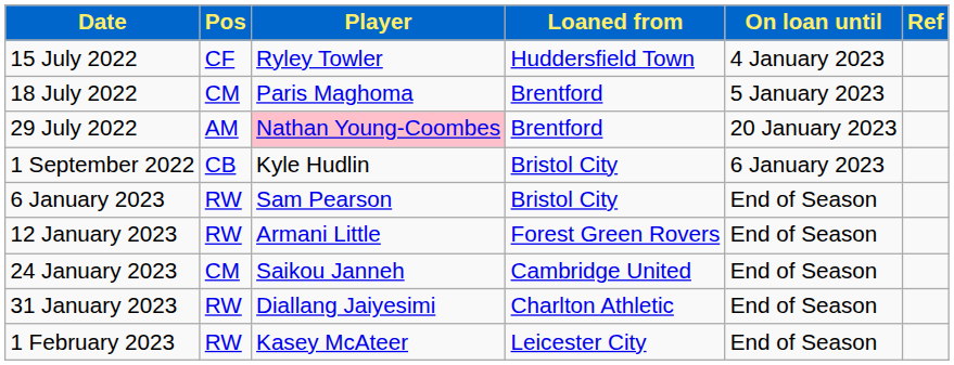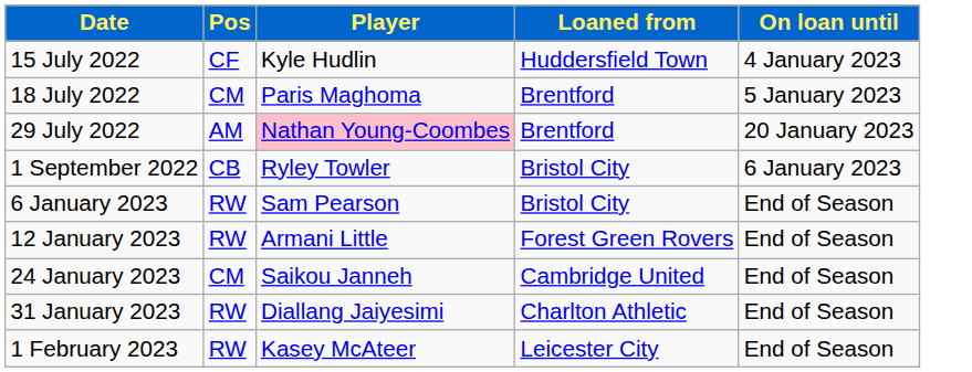 <table class="wikitable plainrowheaders sortable">
 <tr>
 <th style="background:#0066cb; color:#ffee66; ">Date</th>
 <th style="background:#0066cb; color:#ffee66; ">Pos</th>
 <th style="background:#0066cb; color:#ffee66; ">Player</th>
 <th style="background:#0066cb; color:#ffee66; ">Loaned from</th>
 <th style="background:#0066cb; color:#ffee66; ">On loan until</th>
-<th style="background:#0066cb; color:#ffee66; ">Ref</th>
 </tr>
 <tr>
 <td>15 July 2022</td>
 <td><a href='#'>CF</a></td>
-<td> <a href='#'>Ryley Towler</a></td>
+<td> Kyle Hudlin</td>
 <td> <a href='#'>Huddersfield Town</a></td>
 <td>4 January 2023</td>
-<td></td>
 </tr>
 <tr>
 <td>18 July 2022</td>
 <td><a href='#'>CM</a></td>
 <td> <a href='#'>Paris Maghoma</a></td>
 <td> <a href='#'>Brentford</a></td>
 <td>5 January 2023</td>
-<td></td>
 </tr>
 <tr>
 <td>29 July 2022</td>
 <td><a href='#'>AM</a></td>
 <td style="background: pink;"> <a href='#'>Nathan Young-Coombes</a></td>
 <td> <a href='#'>Brentford</a></td>
 <td>20 January 2023</td>
-<td></td>
 </tr>
 <tr>
 <td>1 September 2022</td>
 <td><a href='#'>CB</a></td>
-<td> Kyle Hudlin</td>
+<td> <a href='#'>Ryley Towler</a></td>
 <td> <a href='#'>Bristol City</a></td>
 <td>6 January 2023</td>
-<td></td>
 </tr>
 <tr>
 <td>6 January 2023</td>
 <td><a href='#'>RW</a></td>
 <td> <a href='#'>Sam Pearson</a></td>
 <td> <a href='#'>Bristol City</a></td>
 <td>End of Season</td>
-<td></td>
 </tr>
 <tr>
 <td>12 January 2023</td>
 <td><a href='#'>RW</a></td>
 <td> <a href='#'>Armani Little</a></td>
 <td> <a href='#'>Forest Green Rovers</a></td>
 <td>End of Season</td>
-<td></td>
 </tr>
 <tr>
 <td>24 January 2023</td>
 <td><a href='#'>CM</a></td>
 <td> <a href='#'>Saikou Janneh</a></td>
 <td> <a href='#'>Cambridge United</a></td>
 <td>End of Season</td>
-<td></td>
 </tr>
 <tr>
 <td>31 January 2023</td>
 <td><a href='#'>RW</a></td>
 <td> <a href='#'>Diallang Jaiyesimi</a></td>
 <td> <a href='#'>Charlton Athletic</a></td>
 <td>End of Season</td>
-<td></td>
 </tr>
 <tr>
 <td>1 February 2023</td>
 <td><a href='#'>RW</a></td>
 <td> <a href='#'>Kasey McAteer</a></td>
 <td> <a href='#'>Leicester City</a></td>
 <td>End of Season</td>
-<td></td>
 </tr>
 </table>
